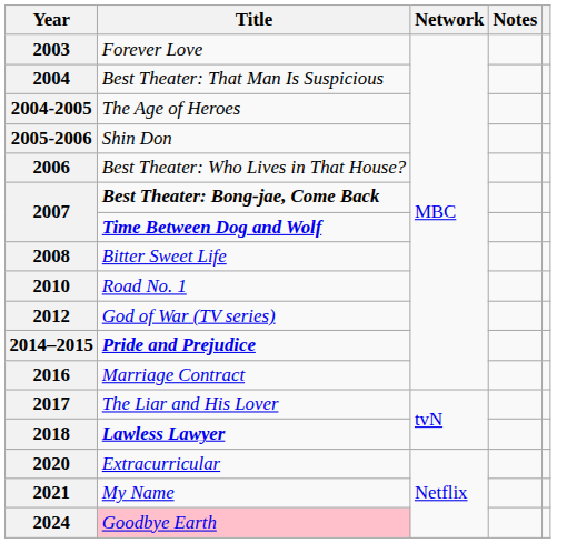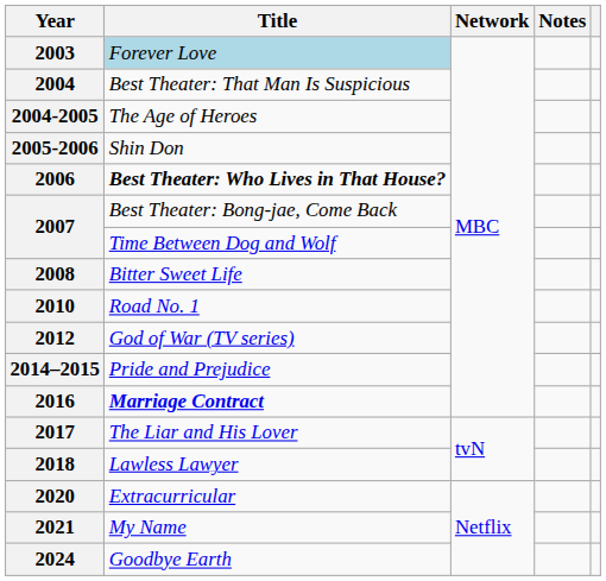 <table class="wikitable plainrowheaders sortable">
 <tr>
 <th>Year</th>
 <th>Title</th>
 <th>Network</th>
 <th class="unsortable">Notes</th>
 <th class="unsortable"></th>
 </tr>
 <tr>
 <th scope="row">2003</th>
-<td><em>Forever Love</em></td>
+<td style="background: lightblue;"><em>Forever Love</em></td>
 <td rowspan="12"><a href='#'>MBC</a></td>
 <td></td>
 <td></td>
 </tr>
 <tr>
 <th scope="row">2004</th>
 <td><em>Best Theater: That Man Is Suspicious</em></td>
 <td></td>
 <td></td>
 </tr>
 <tr>
 <th scope="row">2004-2005</th>
 <td><em>The Age of Heroes</em></td>
 <td></td>
 <td></td>
 </tr>
 <tr>
 <th scope="row">2005-2006</th>
 <td><em>Shin Don</em></td>
 <td></td>
 <td></td>
 </tr>
 <tr>
 <th scope="row">2006</th>
-<td><em>Best Theater: Who Lives in That House?</em></td>
+<td><strong><em>Best Theater: Who Lives in That House?</em></strong></td>
 <td></td>
 <td></td>
 </tr>
 <tr>
 <th rowspan="2" scope="row">2007</th>
-<td><strong><em>Best Theater: Bong-jae, Come Back</em></strong></td>
+<td><em>Best Theater: Bong-jae, Come Back</em></td>
 <td></td>
 <td></td>
 </tr>
 <tr>
-<td><strong><em><a href='#'>Time Between Dog and Wolf</a></em></strong></td>
+<td><em><a href='#'>Time Between Dog and Wolf</a></em></td>
 <td></td>
 <td></td>
 </tr>
 <tr>
 <th scope="row">2008</th>
 <td><em><a href='#'>Bitter Sweet Life</a></em></td>
 <td></td>
 <td></td>
 </tr>
 <tr>
 <th scope="row">2010</th>
 <td><em><a href='#'>Road No. 1</a></em></td>
 <td></td>
 <td></td>
 </tr>
 <tr>
 <th scope="row">2012</th>
 <td><em><a href='#'>God of War (TV series)</a></em></td>
 <td></td>
 <td></td>
 </tr>
 <tr>
 <th scope="row">2014–2015</th>
-<td><strong><em><a href='#'>Pride and Prejudice</a></em></strong></td>
+<td><em><a href='#'>Pride and Prejudice</a></em></td>
 <td></td>
 <td></td>
 </tr>
 <tr>
 <th scope="row">2016</th>
-<td><em><a href='#'>Marriage Contract</a></em></td>
+<td><strong><em><a href='#'>Marriage Contract</a></em></strong></td>
 <td></td>
 <td></td>
 </tr>
 <tr>
 <th scope="row">2017</th>
 <td><em><a href='#'>The Liar and His Lover</a></em></td>
 <td rowspan="2"><a href='#'>tvN</a></td>
 <td></td>
 <td></td>
 </tr>
 <tr>
 <th scope="row">2018</th>
-<td><strong><em><a href='#'>Lawless Lawyer</a></em></strong></td>
+<td><em><a href='#'>Lawless Lawyer</a></em></td>
 <td></td>
 <td></td>
 </tr>
 <tr>
 <th scope="row">2020</th>
 <td><em><a href='#'>Extracurricular</a></em></td>
 <td rowspan="3"><a href='#'>Netflix</a></td>
 <td></td>
 <td></td>
 </tr>
 <tr>
 <th scope="row">2021</th>
 <td><em><a href='#'>My Name</a></em></td>
 <td></td>
 <td></td>
 </tr>
 <tr>
 <th scope="row">2024</th>
-<td style="background: pink;"><em><a href='#'>Goodbye Earth</a></em></td>
+<td><em><a href='#'>Goodbye Earth</a></em></td>
 <td></td>
 <td></td>
 </tr>
 </table>
